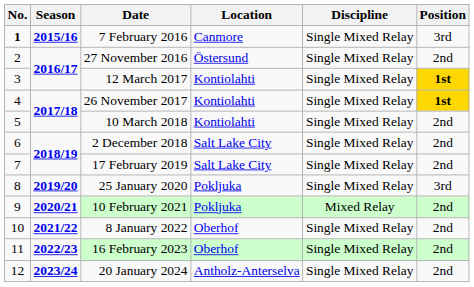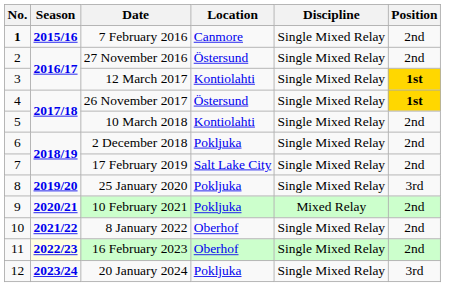 <table class="wikitable" style="text-align:center;">
 <tr>
 <th>No.</th>
 <th>Season</th>
 <th>Date</th>
 <th>Location</th>
 <th>Discipline</th>
 <th>Position</th>
 </tr>
 <tr>
 <td><strong>1</strong></td>
 <td><strong><a href='#'>2015/16</a></strong></td>
 <td align="right">7 February 2016</td>
 <td align="left"> <a href='#'>Canmore</a></td>
 <td>Single Mixed Relay</td>
-<td>3rd</td>
+<td>2nd</td>
 </tr>
 <tr>
 <td>2</td>
 <td rowspan=2><strong><a href='#'>2016/17</a></strong></td>
 <td align="right">27 November 2016</td>
 <td align="left"> <a href='#'>Östersund</a></td>
 <td>Single Mixed Relay</td>
 <td>2nd</td>
 </tr>
 <tr>
 <td>3</td>
 <td align="right">12 March 2017</td>
 <td align="left"> <a href='#'>Kontiolahti</a></td>
 <td>Single Mixed Relay</td>
 <td bgcolor=gold><strong>1st</strong></td>
 </tr>
 <tr>
 <td>4</td>
 <td rowspan=2><strong><a href='#'>2017/18</a></strong></td>
 <td align="right">26 November 2017</td>
-<td align="left"> <a href='#'>Kontiolahti</a></td>
+<td align="left"> <a href='#'>Östersund</a></td>
 <td>Single Mixed Relay</td>
 <td bgcolor=gold><strong>1st</strong></td>
 </tr>
 <tr>
 <td>5</td>
 <td align="right">10 March 2018</td>
 <td align="left"> <a href='#'>Kontiolahti</a></td>
 <td>Single Mixed Relay</td>
 <td>2nd</td>
 </tr>
 <tr>
 <td>6</td>
 <td rowspan=2><strong><a href='#'>2018/19</a></strong></td>
 <td align="right">2 December 2018</td>
-<td align="left"> <a href='#'>Salt Lake City</a></td>
+<td align="left"> <a href='#'>Pokljuka</a></td>
 <td>Single Mixed Relay</td>
 <td>2nd</td>
 </tr>
 <tr>
 <td>7</td>
 <td align="right">17 February 2019</td>
 <td align="left"> <a href='#'>Salt Lake City</a></td>
 <td>Single Mixed Relay</td>
 <td>2nd</td>
 </tr>
 <tr>
 <td>8</td>
 <td><strong><a href='#'>2019/20</a></strong></td>
 <td align="right">25 January 2020</td>
 <td align="left"> <a href='#'>Pokljuka</a></td>
 <td>Single Mixed Relay</td>
 <td>3rd</td>
 </tr>
 <tr>
 <td>9</td>
 <td><strong><a href='#'>2020/21</a></strong></td>
 <td align="right" style="background:#CCFFCC">10 February 2021</td>
 <td align="left" style="background:#CCFFCC"> <a href='#'>Pokljuka</a></td>
 <td style="background:#CCFFCC">Mixed Relay</td>
 <td style="background:#CCFFCC">2nd</td>
 </tr>
 <tr>
 <td>10</td>
 <td><strong><a href='#'>2021/22</a></strong></td>
 <td align="right">8 January 2022</td>
 <td align="left"> <a href='#'>Oberhof</a></td>
 <td>Single Mixed Relay</td>
 <td>2nd</td>
 </tr>
 <tr>
 <td>11</td>
-<td><strong><a href='#'>2022/23</a></strong></td>
+<td style="background: lightyellow;"><strong><a href='#'>2022/23</a></strong></td>
 <td align="right" style="background:#CCFFCC">16 February 2023</td>
 <td align="left" style="background:#CCFFCC"> <a href='#'>Oberhof</a></td>
 <td style="background:#CCFFCC">Single Mixed Relay</td>
 <td style="background:#CCFFCC">2nd</td>
 </tr>
 <tr>
 <td>12</td>
 <td><strong><a href='#'>2023/24</a></strong></td>
 <td align="right">20 January 2024</td>
-<td align="left"> <a href='#'>Antholz-Anterselva</a></td>
+<td align="left"> <a href='#'>Pokljuka</a></td>
 <td>Single Mixed Relay</td>
-<td>2nd</td>
+<td>3rd</td>
 </tr>
 </table>
